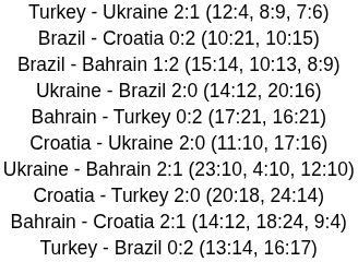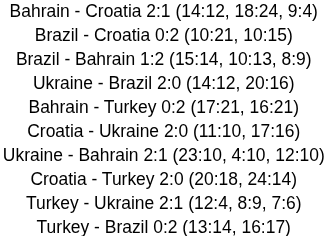 <table style="text-align:center">
 <tr>
 <th width=500></th>
 </tr>
 <tr>
-<td>Turkey - Ukraine 2:1 (12:4, 8:9, 7:6)</td>
+<td>Bahrain - Croatia 2:1 (14:12, 18:24, 9:4)</td>
 </tr>
 <tr>
 <td>Brazil - Croatia 0:2 (10:21, 10:15)</td>
 </tr>
 <tr>
 <td>Brazil - Bahrain 1:2 (15:14, 10:13, 8:9)</td>
 </tr>
 <tr>
 <td>Ukraine - Brazil 2:0 (14:12, 20:16)</td>
 </tr>
 <tr>
 <td>Bahrain - Turkey 0:2 (17:21, 16:21)</td>
 </tr>
 <tr>
 <td>Croatia - Ukraine 2:0 (11:10, 17:16)</td>
 </tr>
 <tr>
 <td>Ukraine - Bahrain 2:1 (23:10, 4:10, 12:10)</td>
 </tr>
 <tr>
 <td>Croatia - Turkey 2:0 (20:18, 24:14)</td>
 </tr>
 <tr>
-<td>Bahrain - Croatia 2:1 (14:12, 18:24, 9:4)</td>
+<td>Turkey - Ukraine 2:1 (12:4, 8:9, 7:6)</td>
 </tr>
 <tr>
 <td>Turkey - Brazil 0:2 (13:14, 16:17)</td>
 </tr>
 <tr>
 </tr>
 </table>
